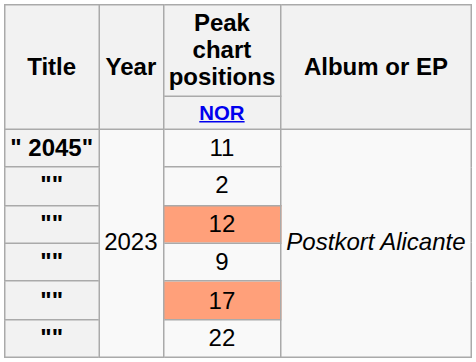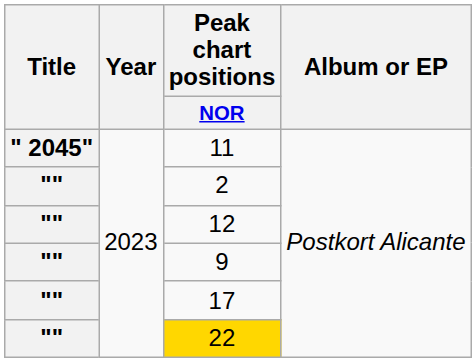 <table class="wikitable plainrowheaders" style="text-align:center;">
 <tr>
 <th scope="col" rowspan="2">Title</th>
 <th scope="col" rowspan="2">Year</th>
 <th scope="col" colspan="1">Peak chart positions</th>
 <th scope="col" rowspan="2">Album or EP</th>
 </tr>
 <tr>
 <th scope="col" style="width:3em;font-size:85%;"><a href='#'>NOR</a><br></th>
 </tr>
 <tr>
 <th scope="row">" 2045"</th>
 <td rowspan="6">2023</td>
 <td>11</td>
 <td rowspan="6"><em>Postkort Alicante</em></td>
 </tr>
 <tr>
 <th scope="row">""</th>
 <td>2</td>
 </tr>
 <tr>
 <th scope="row">""</th>
-<td style="background: lightsalmon;">12</td>
+<td>12</td>
 </tr>
 <tr>
 <th scope="row">""</th>
 <td>9</td>
 </tr>
 <tr>
 <th scope="row">""</th>
-<td style="background: lightsalmon;">17</td>
+<td>17</td>
 </tr>
 <tr>
 <th scope="row">""</th>
-<td>22</td>
+<td style="background: gold;">22</td>
 </tr>
 </table>
